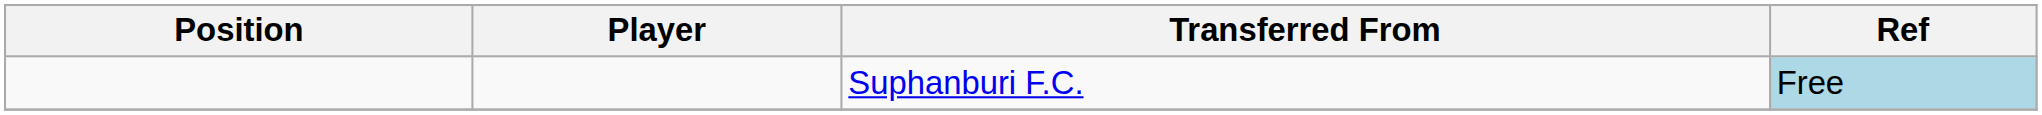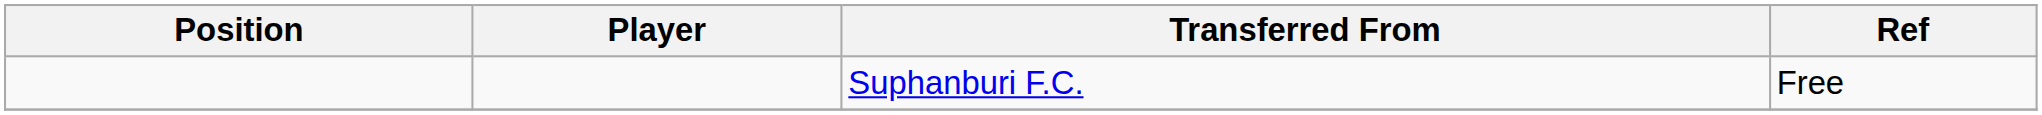 <table class="wikitable sortable" style="width:50%; text-align:center; font-size:100%; text-align:left;">
 <tr>
 <th>Position</th>
 <th>Player</th>
 <th>Transferred From</th>
 <th>Ref</th>
 </tr>
 <tr>
 <td></td>
 <td></td>
 <td> <a href='#'>Suphanburi F.C.</a></td>
-<td style="background: lightblue;">Free</td>
+<td>Free</td>
 </tr>
 <tr>
 </tr>
 </table>
